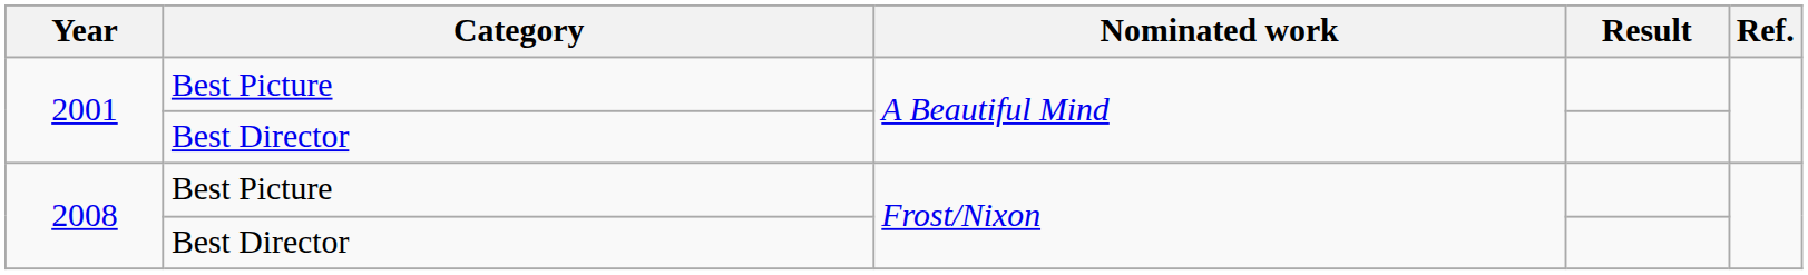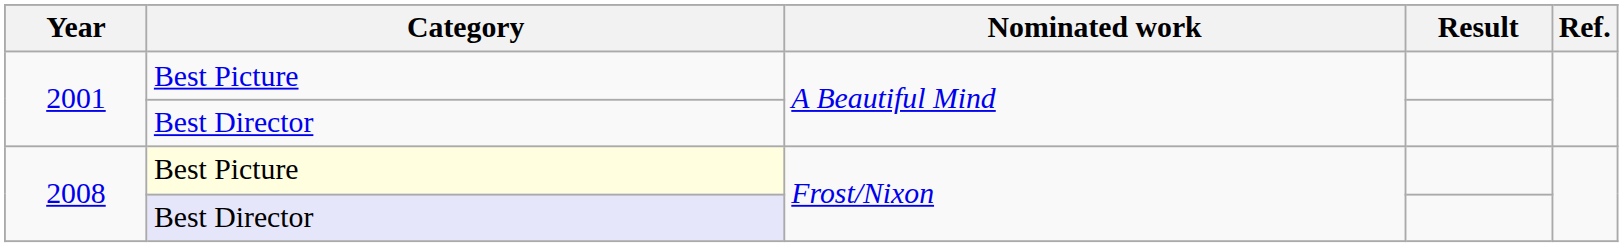 <table class=wikitable>
 <tr>
 <th scope="col" style="width:5em;">Year</th>
 <th scope="col" style="width:26em;">Category</th>
 <th scope="col" style="width:25em;">Nominated work</th>
 <th scope="col" style="width:5em;">Result</th>
 <th>Ref.</th>
 </tr>
 <tr>
 <td style="text-align:center;", rowspan="2"><a href='#'>2001</a></td>
 <td><a href='#'>Best Picture</a></td>
 <td rowspan="2"><em><a href='#'>A Beautiful Mind</a></em></td>
 <td></td>
 <td rowspan="2" style="text-align:center;"></td>
 </tr>
 <tr>
 <td><a href='#'>Best Director</a></td>
 <td></td>
 </tr>
 <tr>
 <td style="text-align:center;", rowspan="2"><a href='#'>2008</a></td>
-<td>Best Picture</td>
+<td style="background: lightyellow;">Best Picture</td>
 <td rowspan="2"><em><a href='#'>Frost/Nixon</a></em></td>
 <td></td>
 <td rowspan="2" style="text-align:center;"></td>
 </tr>
 <tr>
-<td>Best Director</td>
+<td style="background: lavender;">Best Director</td>
 <td></td>
 </tr>
 </table>
